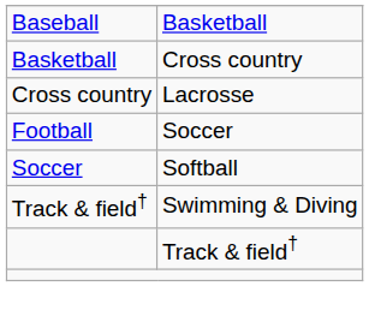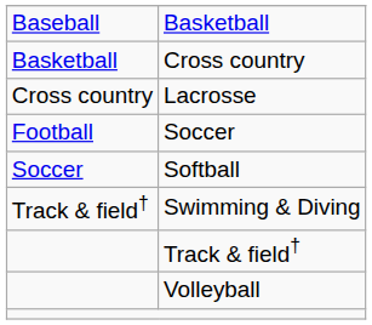 <table class="wikitable" style="float:center; margin:0 0 1em 1em;">
 <tr>
 </tr>
 <tr>
 <td><a href='#'>Baseball</a></td>
 <td><a href='#'>Basketball</a></td>
 </tr>
 <tr>
 <td><a href='#'>Basketball</a></td>
 <td>Cross country</td>
 </tr>
 <tr>
 <td>Cross country</td>
 <td>Lacrosse</td>
 </tr>
 <tr>
 <td><a href='#'>Football</a></td>
 <td>Soccer</td>
 </tr>
 <tr>
 <td><a href='#'>Soccer</a></td>
 <td>Softball</td>
 </tr>
 <tr>
 <td>Track & field<sup>†</sup></td>
 <td>Swimming & Diving</td>
 </tr>
 <tr>
 <td></td>
 <td>Track & field<sup>†</sup></td>
 </tr>
 <tr>
+<td></td>
+<td>Volleyball</td>
+</tr>
+<tr>
 <td colspan="2"></td>
 </tr>
 </table>
